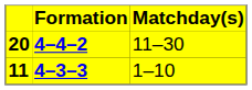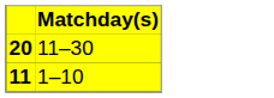 <table class="toccolours" border="0" cellpadding="2" cellspacing="0" align="center" style="margin: 0.5em 0 1em 1em; background: #000000; border: 1px #aaaaaa solid;">
 <tr bgcolor=#FFFF00>
 <th></th>
-<th>Formation</th>
 <th>Matchday(s)</th>
 </tr>
 <tr bgcolor=#FFFF00>
 <td><strong>20</strong></td>
-<td><a href='#'><span><strong>4–4–2</strong></span></a></td>
 <td>11–30</td>
 </tr>
 <tr bgcolor=#FFFF00>
 <td><strong>11</strong></td>
-<td><a href='#'><span><strong>4–3–3</strong></span></a></td>
 <td>1–10</td>
 </tr>
 </table>
